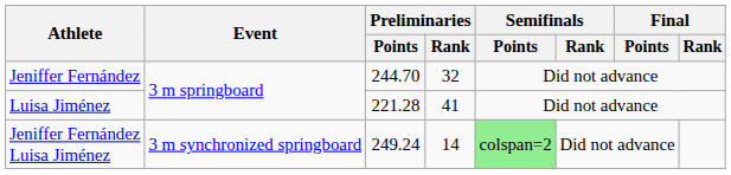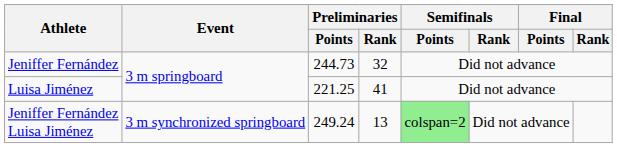 <table class=wikitable style="font-size:90%;">
 <tr>
 <th rowspan="2">Athlete</th>
 <th rowspan="2">Event</th>
 <th colspan="2">Preliminaries</th>
 <th colspan="2">Semifinals</th>
 <th colspan="2">Final</th>
 </tr>
 <tr style="font-size:95%">
 <th>Points</th>
 <th>Rank</th>
 <th>Points</th>
 <th>Rank</th>
 <th>Points</th>
 <th>Rank</th>
 </tr>
 <tr align=center>
 <td align=left><a href='#'>Jeniffer Fernández</a></td>
 <td align=left rowspan=2><a href='#'>3 m springboard</a></td>
-<td>244.70</td>
+<td>244.73</td>
 <td>32</td>
 <td colspan=4>Did not advance</td>
 </tr>
 <tr align=center>
 <td align=left><a href='#'>Luisa Jiménez</a></td>
-<td>221.28</td>
+<td>221.25</td>
 <td>41</td>
 <td colspan=4>Did not advance</td>
 </tr>
 <tr align=center>
 <td align=left><a href='#'>Jeniffer Fernández</a><br><a href='#'>Luisa Jiménez</a></td>
 <td align=left><a href='#'>3 m synchronized springboard</a></td>
 <td>249.24</td>
-<td>14</td>
+<td>13</td>
 <td style="background: lightgreen;">colspan=2 </td>
 <td colspan=2>Did not advance</td>
 </tr>
 </table>
